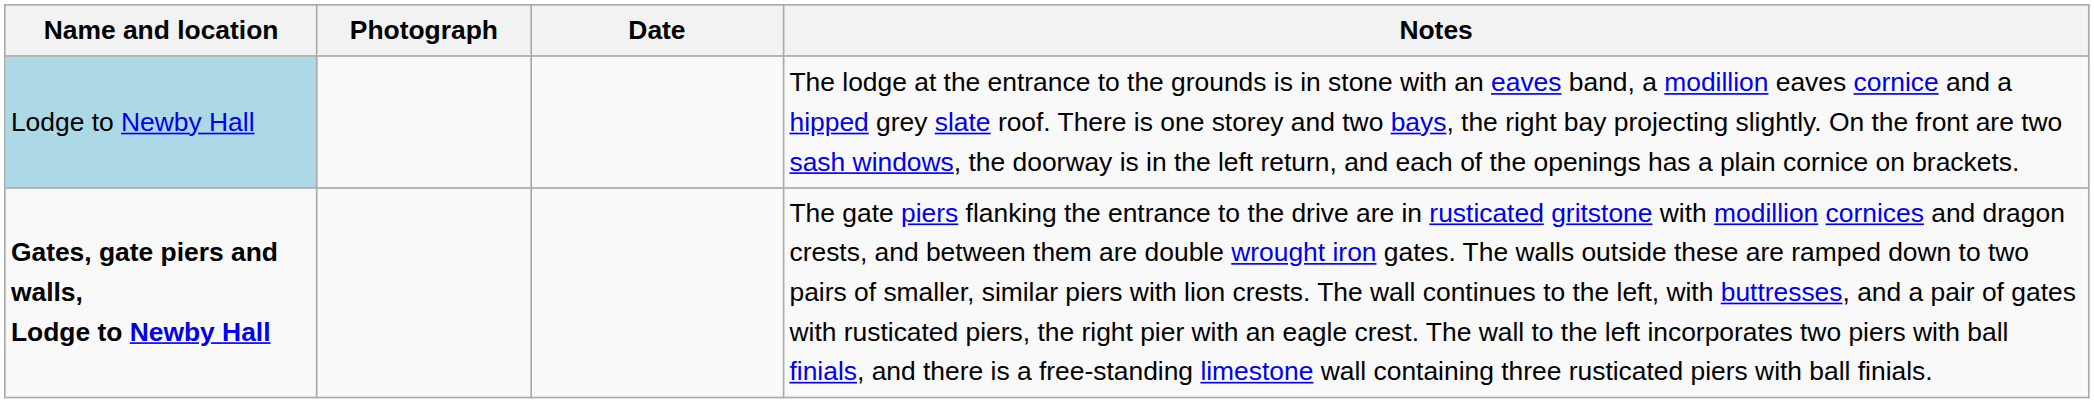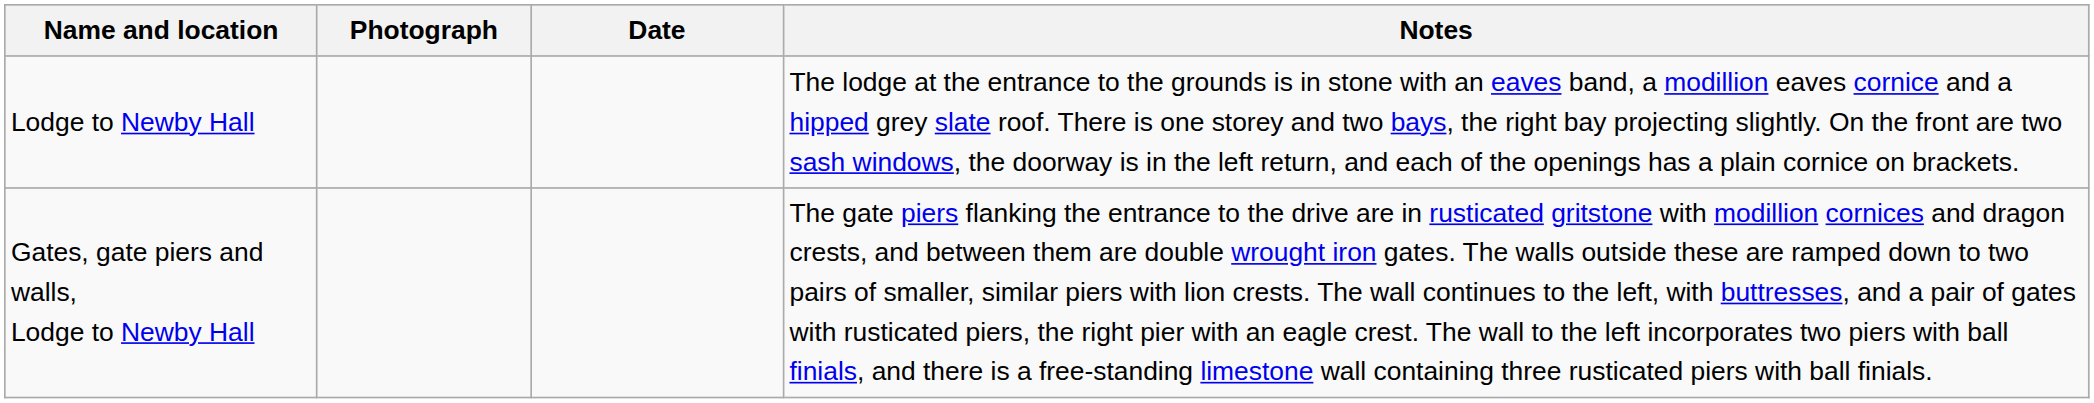 <table class="wikitable sortable plainrowheaders" style="width:100%;border:0px;text-align:left;line-height:150%;">
 <tr>
 <th scope="col"  style="width:150px">Name and location</th>
 <th scope="col"  style="width:100px" class="unsortable">Photograph</th>
 <th scope="col"  style="width:120px">Date</th>
 <th scope="col"  style="width:650px" class="unsortable">Notes</th>
 </tr>
 <tr>
-<td style="background: lightblue;">Lodge to <a href='#'>Newby Hall</a><br><small></small></td>
+<td>Lodge to <a href='#'>Newby Hall</a><br><small></small></td>
 <td></td>
 <td align="center"></td>
 <td>The lodge at the entrance to the grounds is in stone with an <a href='#'>eaves</a> band, a <a href='#'>modillion</a> eaves <a href='#'>cornice</a>  and a <a href='#'>hipped</a> grey <a href='#'>slate</a> roof.  There is one storey and two <a href='#'>bays</a>, the right bay projecting slightly.  On the front are two <a href='#'>sash windows</a>, the doorway is in the left return, and each of the openings has a plain cornice on brackets.</td>
 </tr>
 <tr>
-<td><strong>Gates, gate piers and walls,<br>Lodge to <a href='#'>Newby Hall</a><br><small></small></strong></td>
+<td>Gates, gate piers and walls,<br>Lodge to <a href='#'>Newby Hall</a><br><small></small></td>
 <td></td>
 <td align="center"></td>
 <td>The gate <a href='#'>piers</a> flanking the entrance to the drive are in <a href='#'>rusticated</a> <a href='#'>gritstone</a> with <a href='#'>modillion</a> <a href='#'>cornices</a> and dragon crests, and between them are double <a href='#'>wrought iron</a> gates.  The walls outside these are ramped down to two pairs of smaller, similar piers with lion crests.  The wall continues to the left, with <a href='#'>buttresses</a>, and a pair of gates with rusticated piers, the right pier with an eagle crest.  The wall to the left incorporates two piers with ball <a href='#'>finials</a>, and there is a free-standing <a href='#'>limestone</a> wall containing three rusticated piers with ball finials.</td>
 </tr>
 <tr>
 </tr>
 </table>
